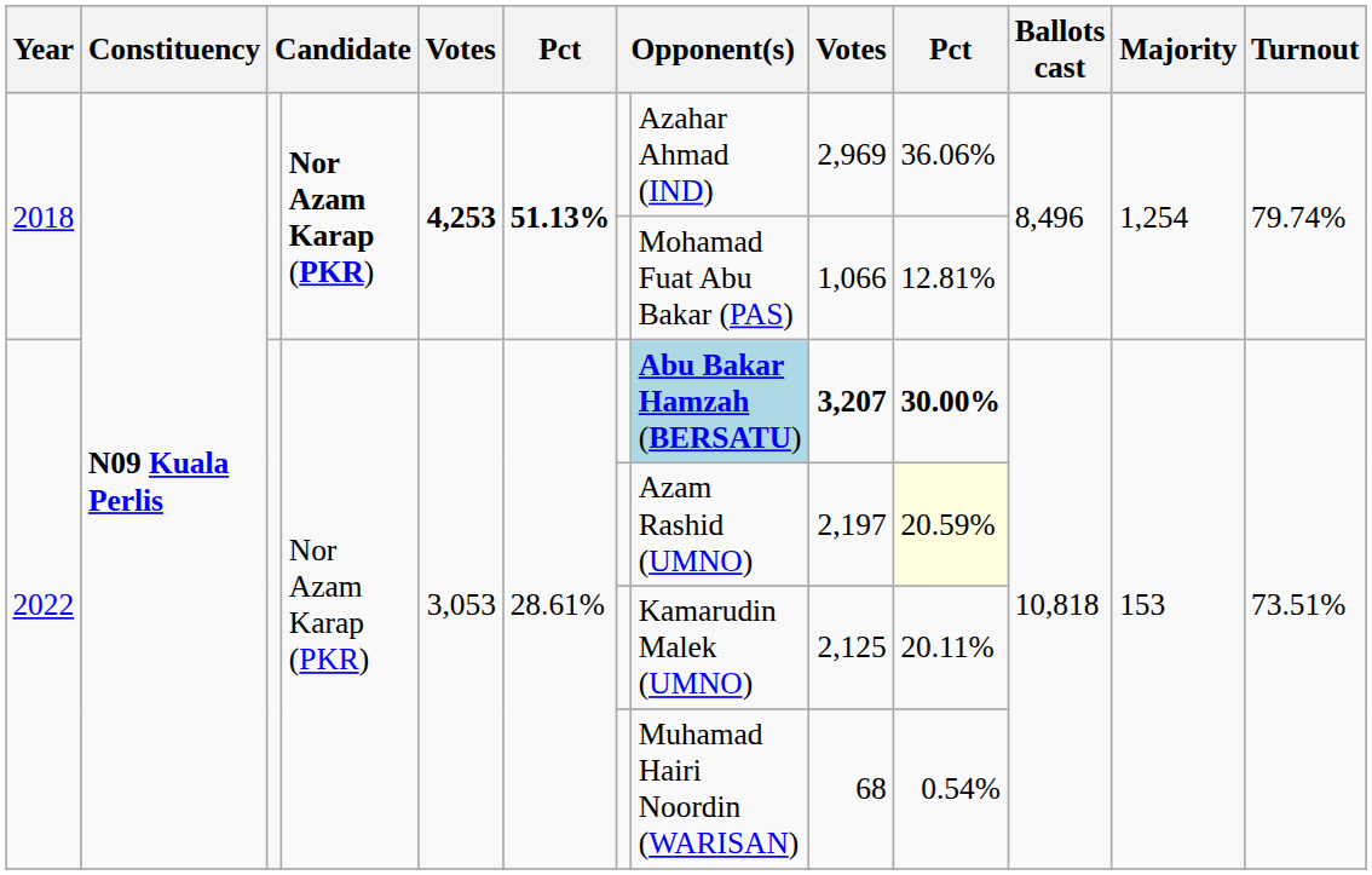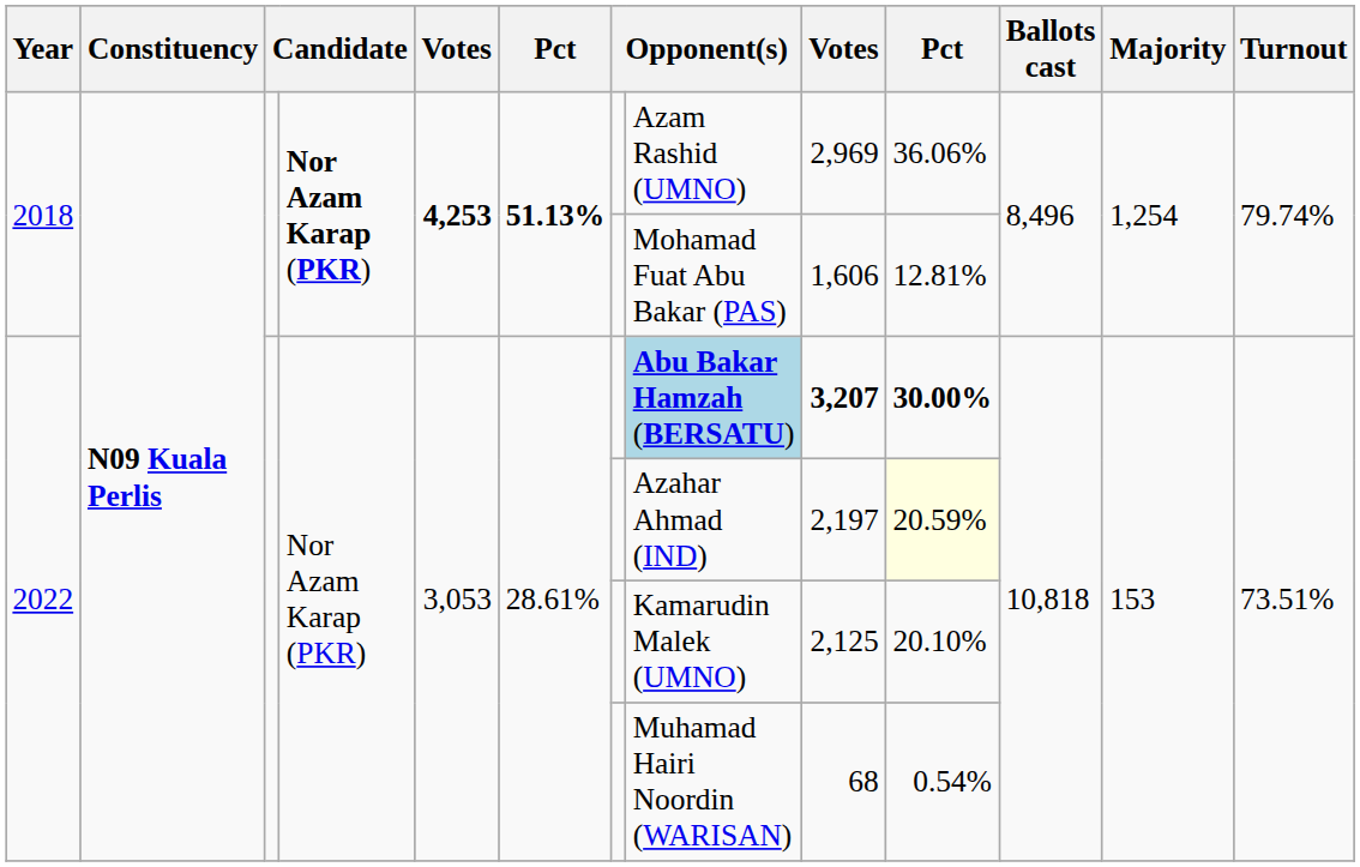 <table class="wikitable" style="margin:0.5em ; font-size:95%">
 <tr>
 <th>Year</th>
 <th>Constituency</th>
 <th colspan=2>Candidate</th>
 <th>Votes</th>
 <th>Pct</th>
 <th colspan=2>Opponent(s)</th>
 <th>Votes</th>
 <th>Pct</th>
 <th>Ballots cast</th>
 <th>Majority</th>
 <th>Turnout</th>
 </tr>
 <tr>
 <td rowspan=2><a href='#'>2018</a></td>
 <td rowspan=6><strong>N09 <a href='#'>Kuala Perlis</a></strong></td>
 <td rowspan=2 ></td>
 <td rowspan=2><strong>Nor Azam Karap</strong> (<a href='#'><strong>PKR</strong></a>)</td>
 <td rowspan=2 align=right><strong>4,253</strong></td>
 <td rowspan=2><strong>51.13%</strong></td>
 <td></td>
-<td>Azahar Ahmad (<a href='#'>IND</a>)</td>
+<td>Azam Rashid (<a href='#'>UMNO</a>)</td>
 <td align=right>2,969</td>
 <td>36.06%</td>
 <td rowspan=2>8,496</td>
 <td rowspan=2>1,254</td>
 <td rowspan=2>79.74%</td>
 </tr>
 <tr>
 <td></td>
 <td>Mohamad Fuat Abu Bakar (<a href='#'>PAS</a>)</td>
-<td align=right>1,066</td>
+<td align=right>1,606</td>
 <td>12.81%</td>
 </tr>
 <tr>
 <td rowspan=4><a href='#'>2022</a></td>
 <td rowspan=4 ></td>
 <td rowspan=4>Nor Azam Karap (<a href='#'>PKR</a>)</td>
 <td rowspan=4 align=right>3,053</td>
 <td rowspan=4>28.61%</td>
 <td bgcolor=></td>
 <td style="background: lightblue;"><strong><a href='#'>Abu Bakar Hamzah</a></strong> (<a href='#'><strong>BERSATU</strong></a>)</td>
 <td align=right><strong>3,207</strong></td>
 <td><strong>30.00%</strong></td>
 <td rowspan=4>10,818</td>
 <td rowspan=4>153</td>
 <td rowspan=4>73.51%</td>
 </tr>
 <tr>
 <td></td>
-<td>Azam Rashid (<a href='#'>UMNO</a>)</td>
+<td>Azahar Ahmad (<a href='#'>IND</a>)</td>
 <td align=right>2,197</td>
 <td style="background: lightyellow;">20.59%</td>
 </tr>
 <tr>
 <td></td>
 <td>Kamarudin Malek (<a href='#'>UMNO</a>)</td>
 <td align=right>2,125</td>
-<td>20.11%</td>
+<td>20.10%</td>
 </tr>
 <tr>
 <td></td>
 <td>Muhamad Hairi Noordin (<a href='#'>WARISAN</a>)</td>
 <td align=right>68</td>
 <td align=right>0.54%</td>
 </tr>
 </table>
